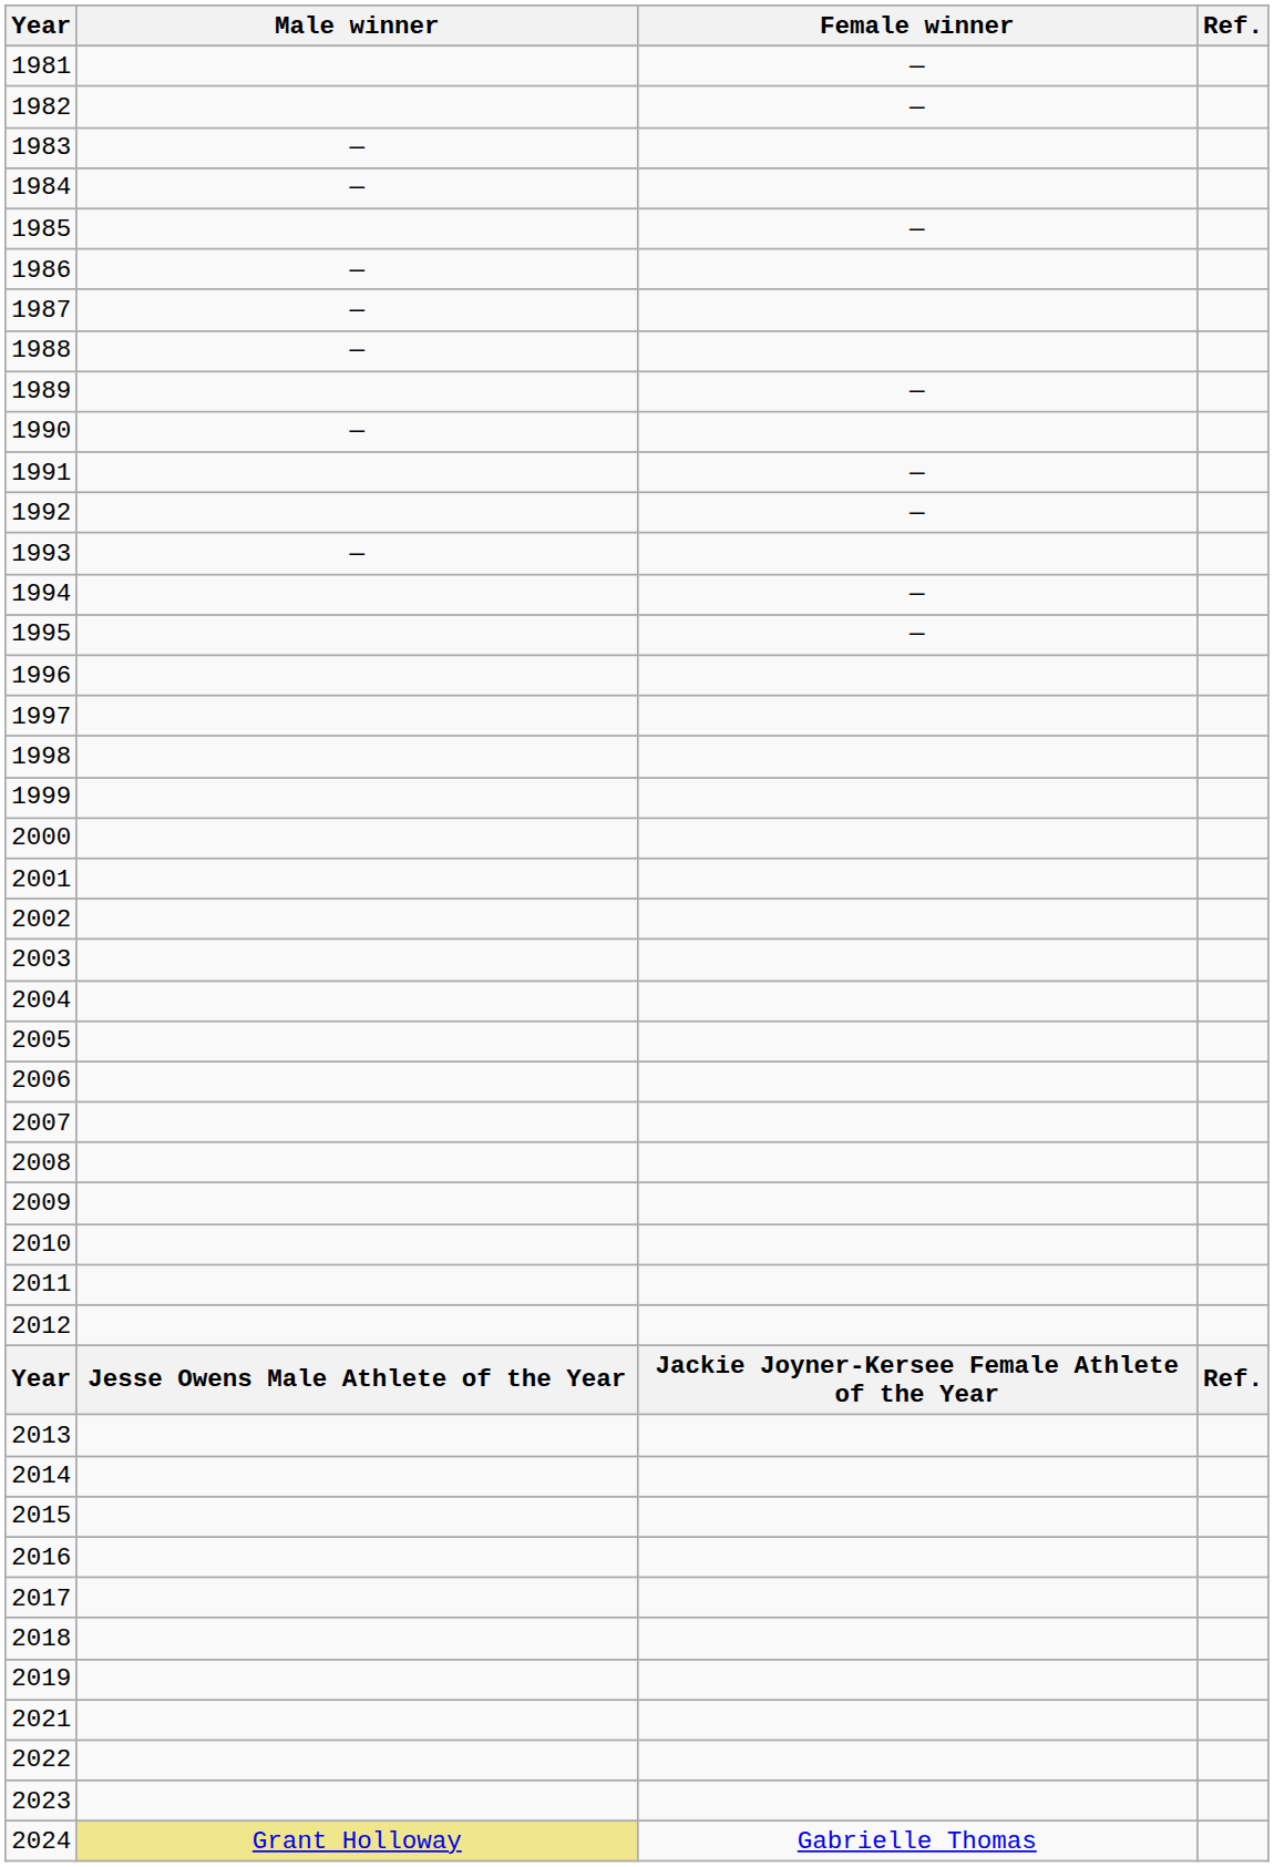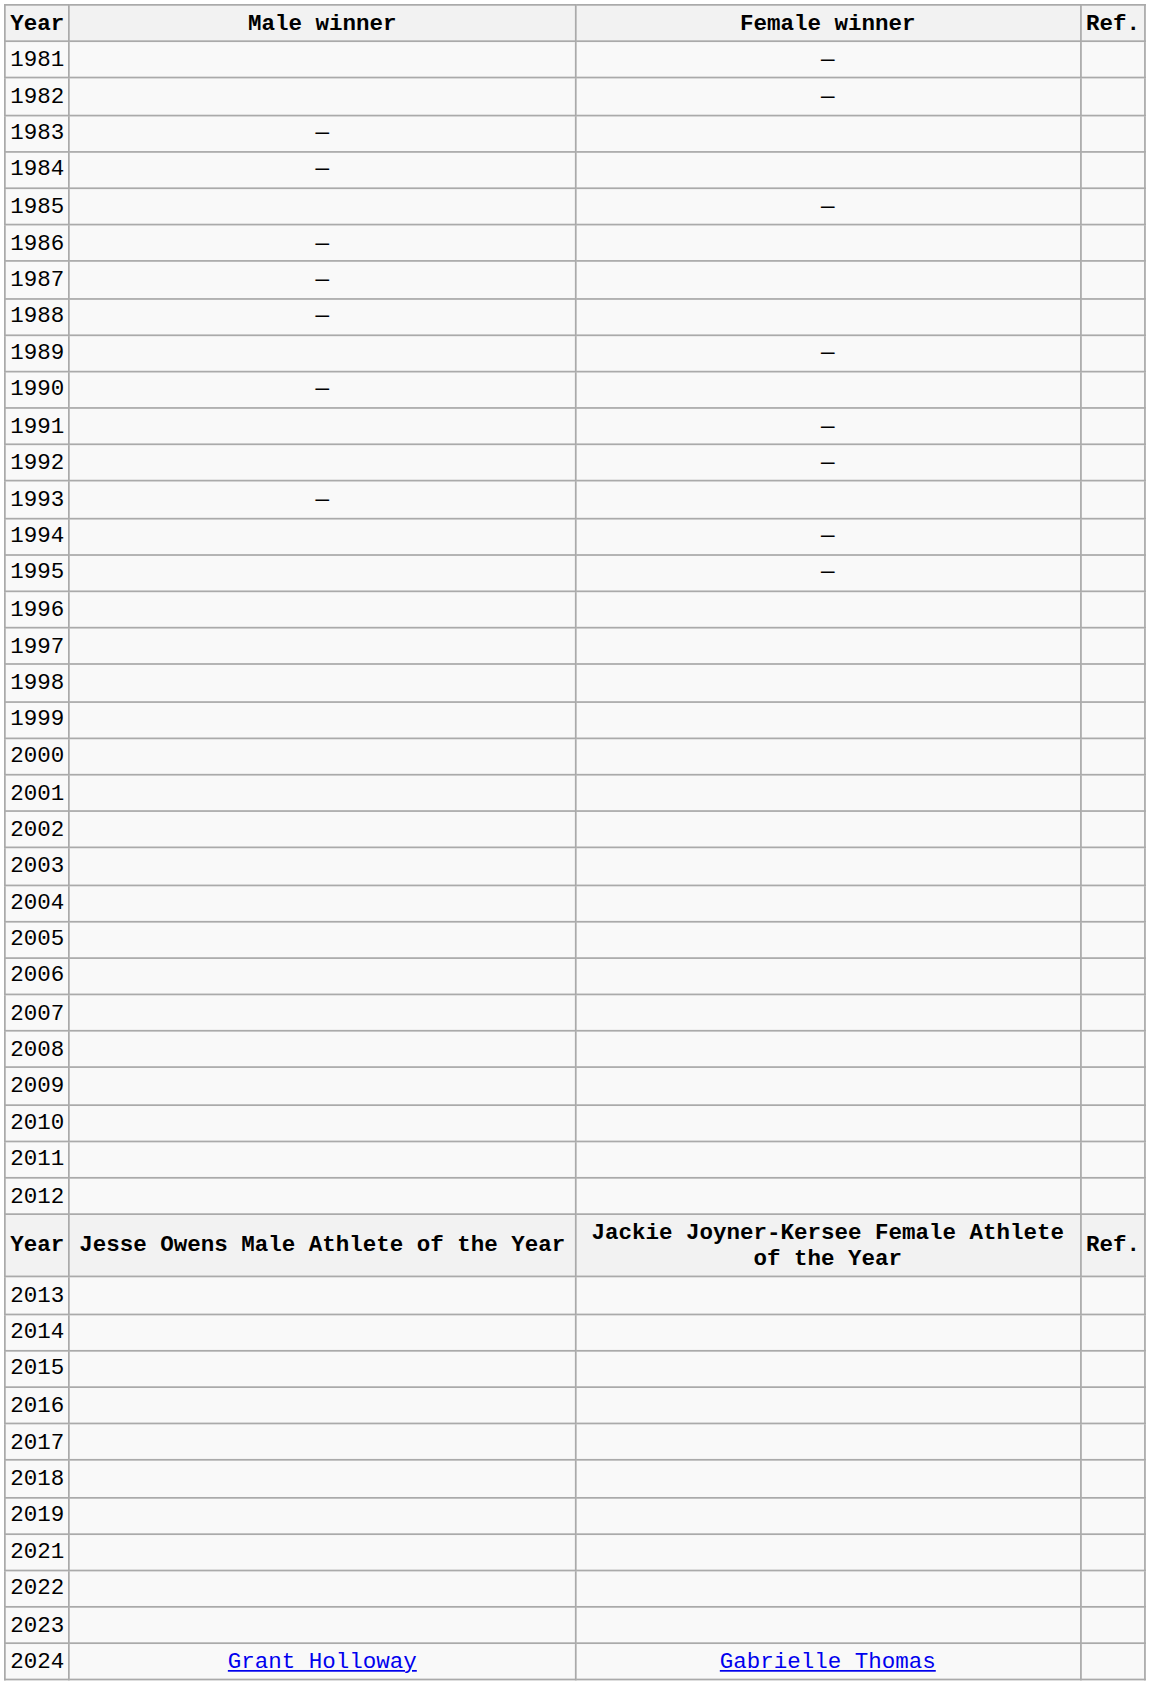 <table class="sortable wikitable" style="text-align:center;">
 <tr>
 <th>Year</th>
 <th style="width: 22em" scope=col>Male winner</th>
 <th style="width: 22em" scope=col>Female winner</th>
 <th class="unsortable">Ref.</th>
 </tr>
 <tr>
 <td>1981</td>
 <td></td>
 <td>—</td>
 <td></td>
 </tr>
 <tr>
 <td>1982</td>
 <td></td>
 <td>—</td>
 <td></td>
 </tr>
 <tr>
 <td>1983</td>
 <td>—</td>
 <td></td>
 <td></td>
 </tr>
 <tr>
 <td>1984</td>
 <td>—</td>
 <td></td>
 <td></td>
 </tr>
 <tr>
 <td>1985</td>
 <td></td>
 <td>—</td>
 <td></td>
 </tr>
 <tr>
 <td>1986</td>
 <td>—</td>
 <td></td>
 <td></td>
 </tr>
 <tr>
 <td>1987</td>
 <td>—</td>
 <td></td>
 <td></td>
 </tr>
 <tr>
 <td>1988</td>
 <td>—</td>
 <td></td>
 <td></td>
 </tr>
 <tr>
 <td>1989</td>
 <td></td>
 <td>—</td>
 <td></td>
 </tr>
 <tr>
 <td>1990</td>
 <td>—</td>
 <td></td>
 <td></td>
 </tr>
 <tr>
 <td>1991</td>
 <td></td>
 <td>—</td>
 <td></td>
 </tr>
 <tr>
 <td>1992</td>
 <td></td>
 <td>—</td>
 <td></td>
 </tr>
 <tr>
 <td>1993</td>
 <td>—</td>
 <td></td>
 <td></td>
 </tr>
 <tr>
 <td>1994</td>
 <td></td>
 <td>—</td>
 <td></td>
 </tr>
 <tr>
 <td>1995</td>
 <td></td>
 <td>—</td>
 <td></td>
 </tr>
 <tr>
 <td>1996</td>
 <td></td>
 <td></td>
 <td></td>
 </tr>
 <tr>
 <td>1997</td>
 <td></td>
 <td></td>
 <td></td>
 </tr>
 <tr>
 <td>1998</td>
 <td></td>
 <td></td>
 <td></td>
 </tr>
 <tr>
 <td>1999</td>
 <td></td>
 <td></td>
 <td></td>
 </tr>
 <tr>
 <td>2000</td>
 <td></td>
 <td></td>
 <td></td>
 </tr>
 <tr>
 <td>2001</td>
 <td></td>
 <td></td>
 <td></td>
 </tr>
 <tr>
 <td>2002</td>
 <td></td>
 <td></td>
 <td></td>
 </tr>
 <tr>
 <td>2003</td>
 <td></td>
 <td></td>
 <td></td>
 </tr>
 <tr>
 <td>2004</td>
 <td></td>
 <td></td>
 <td></td>
 </tr>
 <tr>
 <td>2005</td>
 <td></td>
 <td></td>
 <td></td>
 </tr>
 <tr>
 <td>2006</td>
 <td></td>
 <td></td>
 <td></td>
 </tr>
 <tr>
 <td>2007</td>
 <td></td>
 <td></td>
 <td></td>
 </tr>
 <tr>
 <td>2008</td>
 <td></td>
 <td></td>
 <td></td>
 </tr>
 <tr>
 <td>2009</td>
 <td></td>
 <td></td>
 <td></td>
 </tr>
 <tr>
 <td>2010</td>
 <td></td>
 <td></td>
 <td></td>
 </tr>
 <tr>
 <td>2011</td>
 <td></td>
 <td></td>
 <td></td>
 </tr>
 <tr>
 <td>2012</td>
 <td></td>
 <td></td>
 <td></td>
 </tr>
 <tr>
 <th>Year</th>
 <th style="width: 22em">Jesse Owens Male Athlete of the Year</th>
 <th style="width: 22em">Jackie Joyner-Kersee Female Athlete of the Year</th>
 <th class="unsortable">Ref.</th>
 </tr>
 <tr>
 <td>2013</td>
 <td></td>
 <td></td>
 <td></td>
 </tr>
 <tr>
 <td>2014</td>
 <td></td>
 <td></td>
 <td></td>
 </tr>
 <tr>
 <td>2015</td>
 <td></td>
 <td></td>
 <td></td>
 </tr>
 <tr>
 <td>2016</td>
 <td></td>
 <td></td>
 <td></td>
 </tr>
 <tr>
 <td>2017</td>
 <td></td>
 <td></td>
 <td></td>
 </tr>
 <tr>
 <td>2018</td>
 <td></td>
 <td></td>
 <td></td>
 </tr>
 <tr>
 <td>2019</td>
 <td></td>
 <td></td>
 <td></td>
 </tr>
 <tr>
 <td>2021</td>
 <td></td>
 <td></td>
 <td></td>
 </tr>
 <tr>
 <td>2022</td>
 <td></td>
 <td></td>
 <td></td>
 </tr>
 <tr>
 <td>2023</td>
 <td></td>
 <td></td>
 <td></td>
 </tr>
 <tr>
 <td>2024</td>
-<td style="background: khaki;"><a href='#'>Grant Holloway</a></td>
+<td><a href='#'>Grant Holloway</a></td>
 <td><a href='#'>Gabrielle Thomas</a></td>
 <td></td>
 </tr>
 </table>
